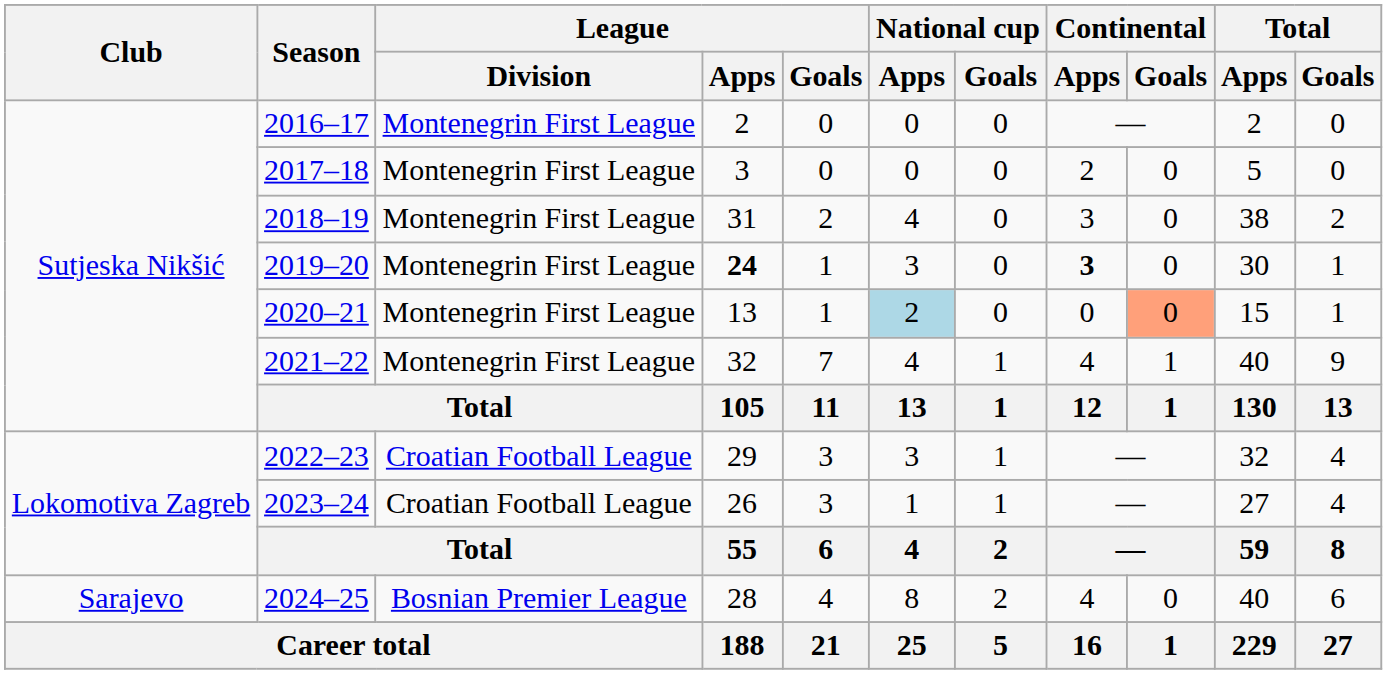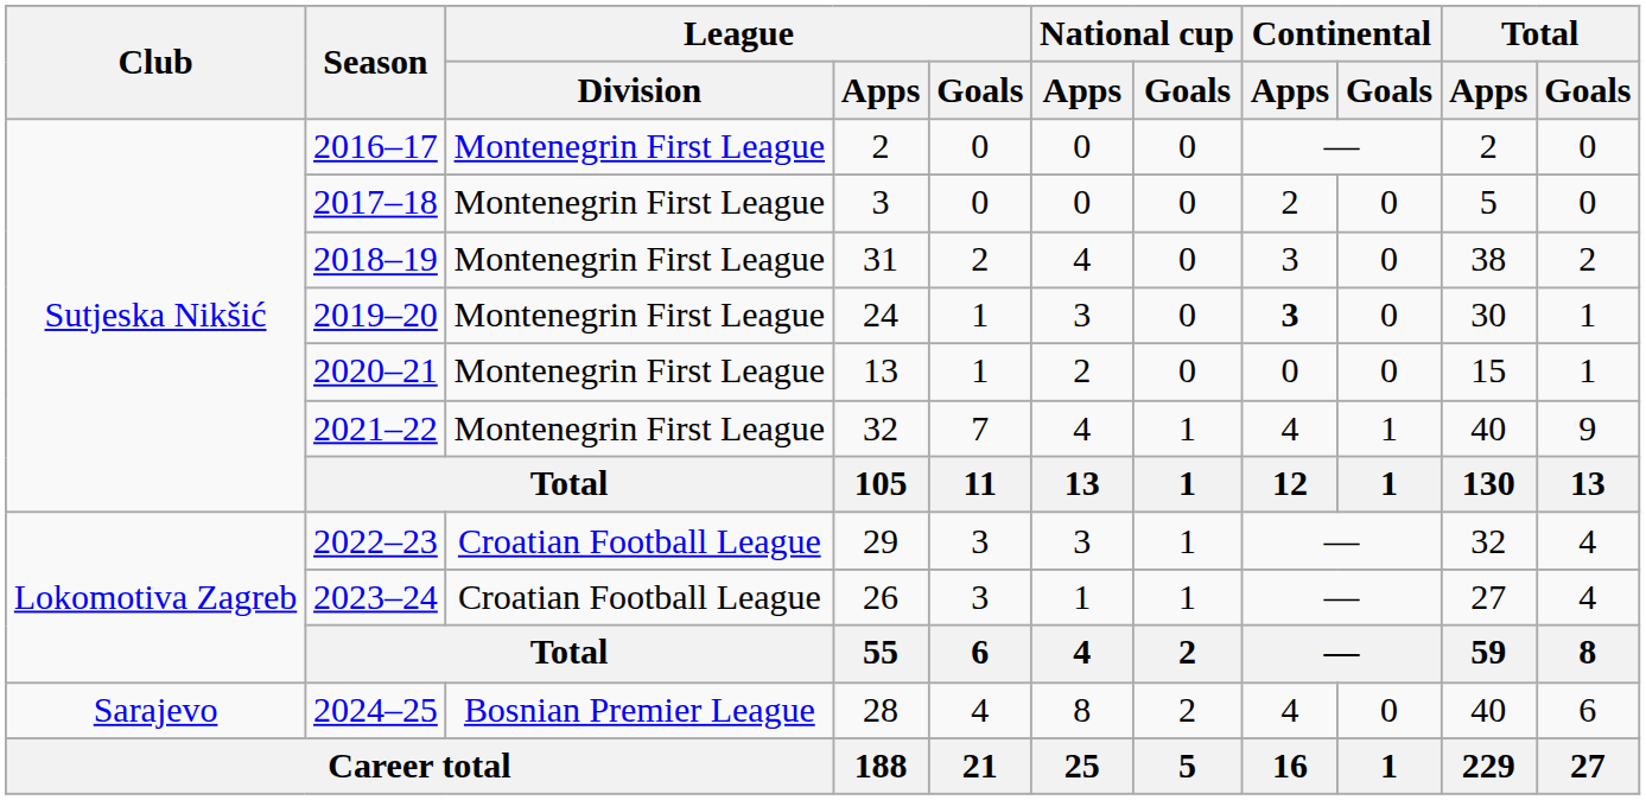 <table class="wikitable" style="text-align:center">
 <tr>
 <th rowspan=2>Club</th>
 <th rowspan=2>Season</th>
 <th colspan=3>League</th>
 <th colspan=2>National cup</th>
 <th colspan=2>Continental</th>
 <th colspan=2>Total</th>
 </tr>
 <tr>
 <th>Division</th>
 <th>Apps</th>
 <th>Goals</th>
 <th>Apps</th>
 <th>Goals</th>
 <th>Apps</th>
 <th>Goals</th>
 <th>Apps</th>
 <th>Goals</th>
 </tr>
 <tr>
 <td rowspan=7><a href='#'>Sutjeska Nikšić</a></td>
 <td><a href='#'>2016–17</a></td>
 <td><a href='#'>Montenegrin First League</a></td>
 <td>2</td>
 <td>0</td>
 <td>0</td>
 <td>0</td>
 <td colspan=2>—</td>
 <td>2</td>
 <td>0</td>
 </tr>
 <tr>
 <td><a href='#'>2017–18</a></td>
 <td>Montenegrin First League</td>
 <td>3</td>
 <td>0</td>
 <td>0</td>
 <td>0</td>
 <td>2</td>
 <td>0</td>
 <td>5</td>
 <td>0</td>
 </tr>
 <tr>
 <td><a href='#'>2018–19</a></td>
 <td>Montenegrin First League</td>
 <td>31</td>
 <td>2</td>
 <td>4</td>
 <td>0</td>
 <td>3</td>
 <td>0</td>
 <td>38</td>
 <td>2</td>
 </tr>
 <tr>
 <td><a href='#'>2019–20</a></td>
 <td>Montenegrin First League</td>
-<td><strong>24</strong></td>
+<td>24</td>
 <td>1</td>
 <td>3</td>
 <td>0</td>
 <td><strong>3</strong></td>
 <td>0</td>
 <td>30</td>
 <td>1</td>
 </tr>
 <tr>
 <td><a href='#'>2020–21</a></td>
 <td>Montenegrin First League</td>
 <td>13</td>
 <td>1</td>
-<td style="background: lightblue;">2</td>
+<td>2</td>
 <td>0</td>
 <td>0</td>
-<td style="background: lightsalmon;">0</td>
+<td>0</td>
 <td>15</td>
 <td>1</td>
 </tr>
 <tr>
 <td><a href='#'>2021–22</a></td>
 <td>Montenegrin First League</td>
 <td>32</td>
 <td>7</td>
 <td>4</td>
 <td>1</td>
 <td>4</td>
 <td>1</td>
 <td>40</td>
 <td>9</td>
 </tr>
 <tr>
 <th colspan=2>Total</th>
 <th>105</th>
 <th>11</th>
 <th>13</th>
 <th>1</th>
 <th>12</th>
 <th>1</th>
 <th>130</th>
 <th>13</th>
 </tr>
 <tr>
 <td rowspan=3><a href='#'>Lokomotiva Zagreb</a></td>
 <td><a href='#'>2022–23</a></td>
 <td><a href='#'>Croatian Football League</a></td>
 <td>29</td>
 <td>3</td>
 <td>3</td>
 <td>1</td>
 <td colspan=2>—</td>
 <td>32</td>
 <td>4</td>
 </tr>
 <tr>
 <td><a href='#'>2023–24</a></td>
 <td>Croatian Football League</td>
 <td>26</td>
 <td>3</td>
 <td>1</td>
 <td>1</td>
 <td colspan=2>—</td>
 <td>27</td>
 <td>4</td>
 </tr>
 <tr>
 <th colspan=2>Total</th>
 <th>55</th>
 <th>6</th>
 <th>4</th>
 <th>2</th>
 <th colspan=2>—</th>
 <th>59</th>
 <th>8</th>
 </tr>
 <tr>
 <td><a href='#'>Sarajevo</a></td>
 <td><a href='#'>2024–25</a></td>
 <td><a href='#'>Bosnian Premier League</a></td>
 <td>28</td>
 <td>4</td>
 <td>8</td>
 <td>2</td>
 <td>4</td>
 <td>0</td>
 <td>40</td>
 <td>6</td>
 </tr>
 <tr>
 <th colspan=3>Career total</th>
 <th>188</th>
 <th>21</th>
 <th>25</th>
 <th>5</th>
 <th>16</th>
 <th>1</th>
 <th>229</th>
 <th>27</th>
 </tr>
 </table>
